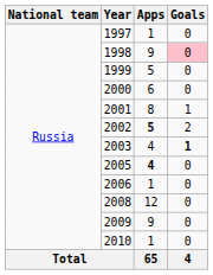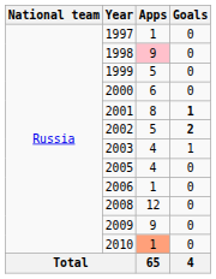 <table class="wikitable" style="text-align:center">
 <tr>
 <th>National team</th>
 <th>Year</th>
 <th>Apps</th>
 <th>Goals</th>
 </tr>
 <tr>
 <td rowspan="12"><a href='#'>Russia</a></td>
 <td>1997</td>
 <td>1</td>
 <td>0</td>
 </tr>
 <tr>
 <td>1998</td>
-<td>9</td>
-<td style="background: pink;">0</td>
+<td style="background: pink;">9</td>
+<td>0</td>
 </tr>
 <tr>
 <td>1999</td>
 <td>5</td>
 <td>0</td>
 </tr>
 <tr>
 <td>2000</td>
 <td>6</td>
 <td>0</td>
 </tr>
 <tr>
 <td>2001</td>
 <td>8</td>
-<td>1</td>
+<td><strong>1</strong></td>
 </tr>
 <tr>
 <td>2002</td>
-<td><strong>5</strong></td>
-<td>2</td>
+<td>5</td>
+<td><strong>2</strong></td>
 </tr>
 <tr>
 <td>2003</td>
 <td>4</td>
-<td><strong>1</strong></td>
+<td>1</td>
 </tr>
 <tr>
 <td>2005</td>
-<td><strong>4</strong></td>
+<td>4</td>
 <td>0</td>
 </tr>
 <tr>
 <td>2006</td>
 <td>1</td>
 <td>0</td>
 </tr>
 <tr>
 <td>2008</td>
 <td>12</td>
 <td>0</td>
 </tr>
 <tr>
 <td>2009</td>
 <td>9</td>
 <td>0</td>
 </tr>
 <tr>
 <td>2010</td>
-<td>1</td>
+<td style="background: lightsalmon;">1</td>
 <td>0</td>
 </tr>
 <tr>
 <th colspan="2">Total</th>
 <th>65</th>
 <th>4</th>
 </tr>
 </table>
